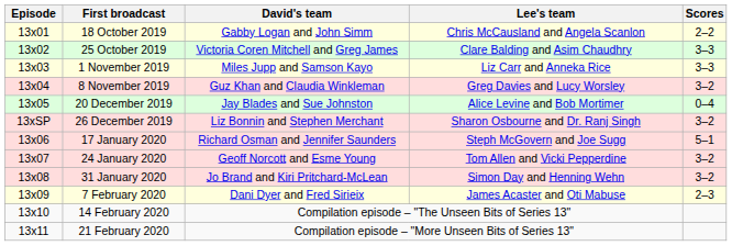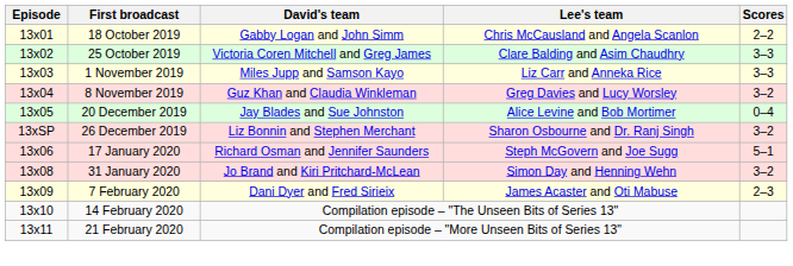 <table class="wikitable"  style="width:80%; left:0 auto; text-align:center;">
 <tr>
 <th style="width:8%;">Episode</th>
 <th style="width:17%;">First broadcast</th>
 <th style="width:31%;">David's team</th>
 <th style="width:38%;">Lee's team</th>
 <th style="width:6%;">Scores</th>
 </tr>
 <tr style="background:#ffd;">
 <td>13x01</td>
 <td>18 October 2019</td>
 <td><a href='#'>Gabby Logan</a> and <a href='#'>John Simm</a></td>
 <td><a href='#'>Chris McCausland</a> and <a href='#'>Angela Scanlon</a></td>
 <td>2–2</td>
 </tr>
 <tr style="background:#dfd;">
 <td>13x02</td>
 <td>25 October 2019</td>
 <td><a href='#'>Victoria Coren Mitchell</a> and <a href='#'>Greg James</a></td>
 <td><a href='#'>Clare Balding</a> and <a href='#'>Asim Chaudhry</a></td>
 <td>3–3</td>
 </tr>
 <tr style="background:#ffd;">
 <td>13x03</td>
 <td>1 November 2019</td>
 <td><a href='#'>Miles Jupp</a> and <a href='#'>Samson Kayo</a></td>
 <td><a href='#'>Liz Carr</a> and <a href='#'>Anneka Rice</a></td>
 <td>3–3</td>
 </tr>
 <tr style="background:#fdd;">
 <td>13x04</td>
 <td>8 November 2019</td>
 <td><a href='#'>Guz Khan</a> and <a href='#'>Claudia Winkleman</a></td>
 <td><a href='#'>Greg Davies</a> and <a href='#'>Lucy Worsley</a></td>
 <td>3–2</td>
 </tr>
 <tr style="background:#dfd;">
 <td>13x05</td>
 <td>20 December 2019</td>
 <td><a href='#'>Jay Blades</a> and <a href='#'>Sue Johnston</a></td>
 <td><a href='#'>Alice Levine</a> and <a href='#'>Bob Mortimer</a></td>
 <td>0–4</td>
 </tr>
 <tr style="background:#fdd;">
 <td>13xSP</td>
 <td>26 December 2019</td>
 <td><a href='#'>Liz Bonnin</a> and <a href='#'>Stephen Merchant</a></td>
 <td><a href='#'>Sharon Osbourne</a> and <a href='#'>Dr. Ranj Singh</a></td>
 <td>3–2</td>
 </tr>
 <tr style="background:#fdd;">
 <td>13x06</td>
 <td>17 January 2020</td>
 <td><a href='#'>Richard Osman</a> and <a href='#'>Jennifer Saunders</a></td>
 <td><a href='#'>Steph McGovern</a>  and <a href='#'>Joe Sugg</a></td>
 <td>5–1</td>
 </tr>
 <tr style="background:#fdd;">
-<td>13x07</td>
-<td>24 January 2020</td>
-<td><a href='#'>Geoff Norcott</a> and <a href='#'>Esme Young</a></td>
-<td><a href='#'>Tom Allen</a> and <a href='#'>Vicki Pepperdine</a></td>
-<td>3–2</td>
-</tr>
-<tr style="background:#fdd;">
 <td>13x08</td>
 <td>31 January 2020</td>
 <td><a href='#'>Jo Brand</a> and <a href='#'>Kiri Pritchard-McLean</a></td>
 <td><a href='#'>Simon Day</a> and <a href='#'>Henning Wehn</a></td>
 <td>3–2</td>
 </tr>
 <tr style="background:#ffd;">
 <td>13x09</td>
 <td>7 February 2020</td>
 <td><a href='#'>Dani Dyer</a> and <a href='#'>Fred Sirieix</a></td>
 <td><a href='#'>James Acaster</a> and <a href='#'>Oti Mabuse</a></td>
 <td>2–3</td>
 </tr>
 <tr>
 <td>13x10</td>
 <td>14 February 2020</td>
 <td colspan="2">Compilation episode – "The Unseen Bits of Series 13"</td>
 <td></td>
 </tr>
 <tr>
 <td>13x11</td>
 <td>21 February 2020</td>
 <td colspan="2">Compilation episode – "More Unseen Bits of Series 13"</td>
 <td></td>
 </tr>
 </table>
